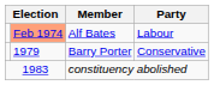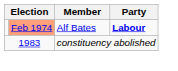 <table class="wikitable">
 <tr>
 <th colspan="2">Election</th>
 <th>Member</th>
 <th>Party</th>
 </tr>
 <tr>
 <td style="color:inherit;background-color: "></td>
 <td style="background: lightsalmon;"><a href='#'>Feb 1974</a></td>
 <td><a href='#'>Alf Bates</a></td>
-<td><a href='#'>Labour</a></td>
-</tr>
-<tr>
-<td style="color:inherit;background-color: "></td>
-<td><a href='#'>1979</a></td>
-<td><a href='#'>Barry Porter</a></td>
-<td><a href='#'>Conservative</a></td>
+<td><strong><a href='#'>Labour</a></strong></td>
 </tr>
 <tr>
 <td colspan="2" align="center"><a href='#'>1983</a></td>
 <td colspan="2"><em>constituency abolished</em></td>
 </tr>
 </table>
